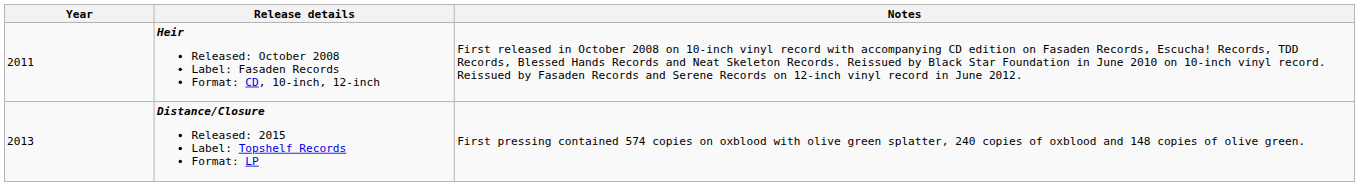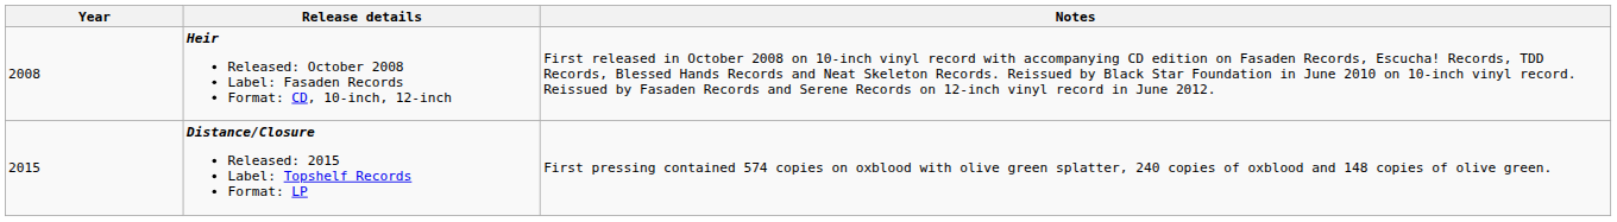 <table class ="wikitable">
 <tr>
 <th style="width: 5%">Year</th>
 <th style="width:10%">Release details</th>
 <th style="width:30%">Notes</th>
 </tr>
 <tr>
-<td>2011</td>
+<td>2008</td>
 <td><strong><em>Heir</em></strong><br><ul><li>Released: October 2008</li><li>Label: Fasaden Records</li><li>Format: <a href='#'>CD</a>, 10-inch, 12-inch</li></ul></td>
 <td>First released in October 2008 on 10-inch vinyl record with accompanying CD edition on Fasaden Records, Escucha! Records, TDD Records, Blessed Hands Records and Neat Skeleton Records. Reissued by Black Star Foundation in June 2010 on 10-inch vinyl record. Reissued by Fasaden Records and Serene Records on 12-inch vinyl record in June 2012.</td>
 </tr>
 <tr>
-<td>2013</td>
+<td>2015</td>
 <td><strong><em>Distance/Closure</em></strong><br><ul><li>Released: 2015</li><li>Label: <a href='#'>Topshelf Records</a></li><li>Format: <a href='#'>LP</a></li></ul></td>
 <td>First pressing contained 574 copies on oxblood with olive green splatter, 240 copies of oxblood and 148 copies of olive green.</td>
 </tr>
 </table>
